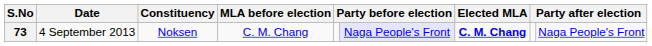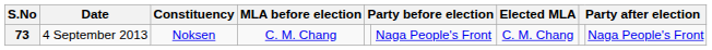 <table class="wikitable sortable" style="text-align:center;">
 <tr>
 <th>S.No</th>
 <th>Date</th>
 <th>Constituency</th>
 <th>MLA before election</th>
 <th colspan="2">Party before election</th>
 <th>Elected MLA</th>
 <th colspan="2">Party after election</th>
 </tr>
 <tr>
 <th>73</th>
 <td>4 September 2013</td>
 <td><a href='#'>Noksen</a></td>
 <td><a href='#'>C. M. Chang</a></td>
 <td></td>
-<td style="background: lavender;"><a href='#'>Naga People's Front</a></td>
-<td><strong><a href='#'>C. M. Chang</a></strong></td>
+<td><a href='#'>Naga People's Front</a></td>
+<td><a href='#'>C. M. Chang</a></td>
 <td></td>
 <td><a href='#'>Naga People's Front</a></td>
 </tr>
 </table>
